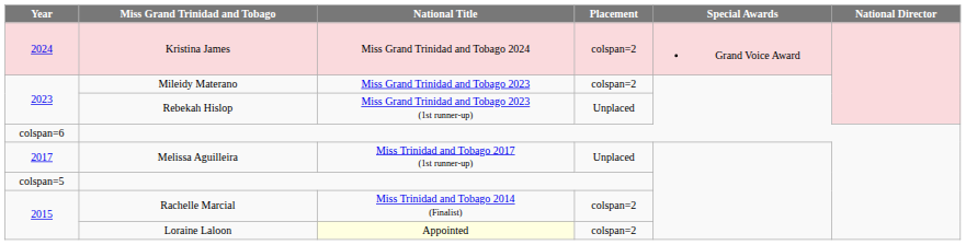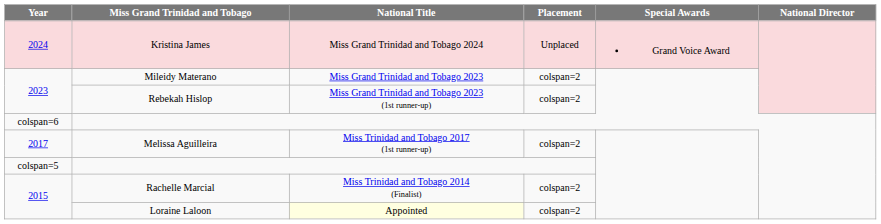 <table class="wikitable" style="font-size: 90%; text-align:center; width:100%">
 <tr>
 <th style="background-color:#787878;color:#FFFFFF;">Year</th>
 <th style="background-color:#787878;color:#FFFFFF;">Miss Grand Trinidad and Tobago</th>
 <th style="background-color:#787878;color:#FFFFFF;">National Title</th>
 <th style="background-color:#787878;color:#FFFFFF;">Placement</th>
 <th style="background-color:#787878;color:#FFFFFF;">Special Awards</th>
 <th style="background-color:#787878;color:#FFFFFF;">National Director</th>
 </tr>
 <tr bgcolor=#FADADD>
 <td><a href='#'>2024</a></td>
 <td>Kristina James</td>
 <td>Miss Grand Trinidad and Tobago 2024</td>
-<td>colspan=2 </td>
+<td>Unplaced</td>
 <td><br><ul><li>Grand Voice Award</li></ul></td>
 <td rowspan=3></td>
 </tr>
 <tr>
 <td rowspan=2><a href='#'>2023</a></td>
 <td>Mileidy Materano</td>
 <td><a href='#'>Miss Grand Trinidad and Tobago 2023</a></td>
 <td>colspan=2 </td>
 </tr>
 <tr>
 <td>Rebekah Hislop</td>
 <td><a href='#'>Miss Grand Trinidad and Tobago 2023</a><br><small>(1st runner-up)</small></td>
-<td>Unplaced</td>
+<td>colspan=2 </td>
 </tr>
 <tr>
 <td>colspan=6 </td>
 </tr>
 <tr>
 <td><a href='#'>2017</a></td>
 <td>Melissa Aguilleira</td>
 <td><a href='#'>Miss Trinidad and Tobago 2017</a><br><small>(1st runner-up)</small></td>
-<td>Unplaced</td>
+<td>colspan=2 </td>
 <td rowspan=4></td>
 </tr>
 <tr>
 <td>colspan=5 </td>
 </tr>
 <tr>
 <td rowspan=2><a href='#'>2015</a></td>
 <td>Rachelle Marcial</td>
 <td><a href='#'>Miss Trinidad and Tobago 2014</a><br><small>(Finalist)</small></td>
 <td>colspan=2 </td>
 </tr>
 <tr>
 <td>Loraine Laloon</td>
 <td style="background: lightyellow;">Appointed</td>
 <td>colspan=2 </td>
 </tr>
 </table>
